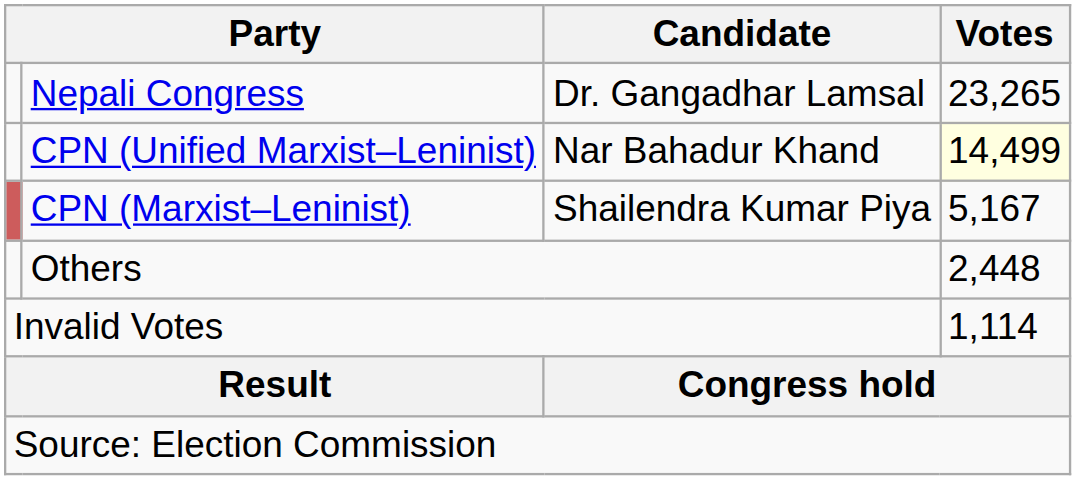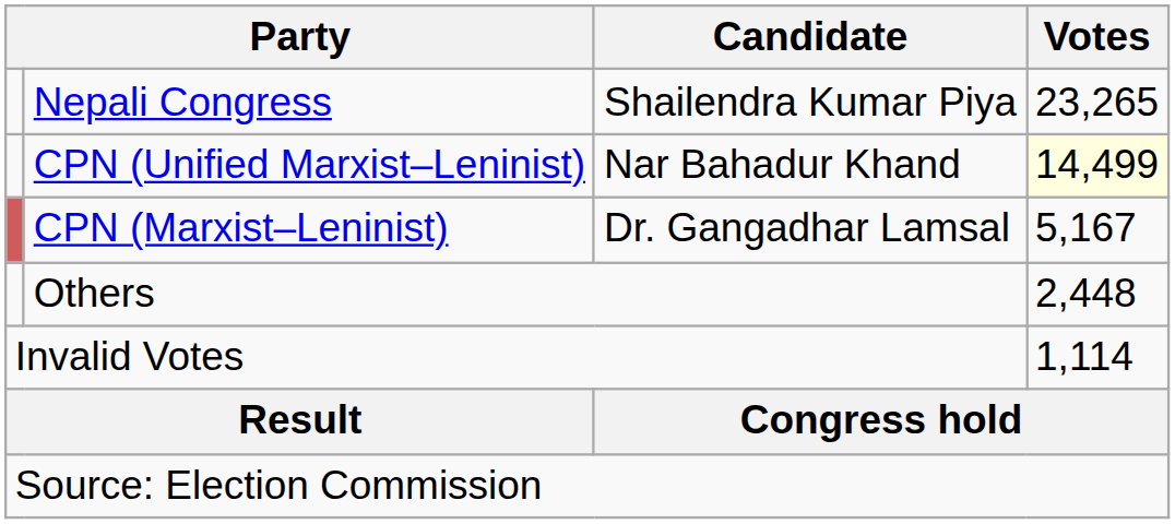 <table class="wikitable">
 <tr>
 <th colspan="2">Party</th>
 <th>Candidate</th>
 <th>Votes</th>
 </tr>
 <tr>
 <td style="background-color:"></td>
 <td><a href='#'>Nepali Congress</a></td>
-<td>Dr. Gangadhar Lamsal</td>
+<td>Shailendra Kumar Piya</td>
 <td>23,265</td>
 </tr>
 <tr>
 <td style="background-color:"></td>
 <td><a href='#'>CPN (Unified Marxist–Leninist)</a></td>
 <td>Nar Bahadur Khand</td>
 <td style="background: lightyellow;">14,499</td>
 </tr>
 <tr>
 <td style="background-color:indianred"></td>
 <td><a href='#'>CPN (Marxist–Leninist)</a></td>
-<td>Shailendra Kumar Piya</td>
+<td>Dr. Gangadhar Lamsal</td>
 <td>5,167</td>
 </tr>
 <tr>
 <td></td>
 <td colspan="2">Others</td>
 <td>2,448</td>
 </tr>
 <tr>
 <td colspan="3">Invalid Votes</td>
 <td>1,114</td>
 </tr>
 <tr>
 <th colspan="2">Result</th>
 <th colspan="2">Congress hold</th>
 </tr>
 <tr>
 <td colspan="4">Source: Election Commission</td>
 </tr>
 </table>
